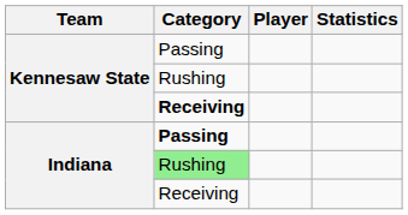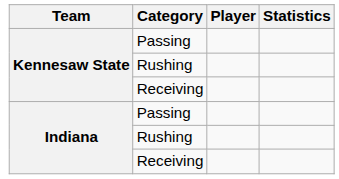 <table class="wikitable" style="float:right">
 <tr>
 <th>Team</th>
 <th>Category</th>
 <th>Player</th>
 <th>Statistics</th>
 </tr>
 <tr>
 <th rowspan=3>Kennesaw State</th>
 <td>Passing</td>
 <td></td>
 <td></td>
 </tr>
 <tr>
 <td>Rushing</td>
 <td></td>
 <td></td>
 </tr>
 <tr>
-<td><strong>Receiving</strong></td>
+<td>Receiving</td>
 <td></td>
 <td></td>
 </tr>
 <tr>
 <th rowspan=3>Indiana</th>
-<td><strong>Passing</strong></td>
+<td>Passing</td>
 <td></td>
 <td></td>
 </tr>
 <tr>
-<td style="background: lightgreen;">Rushing</td>
+<td>Rushing</td>
 <td></td>
 <td></td>
 </tr>
 <tr>
 <td>Receiving</td>
 <td></td>
 <td></td>
 </tr>
 </table>
